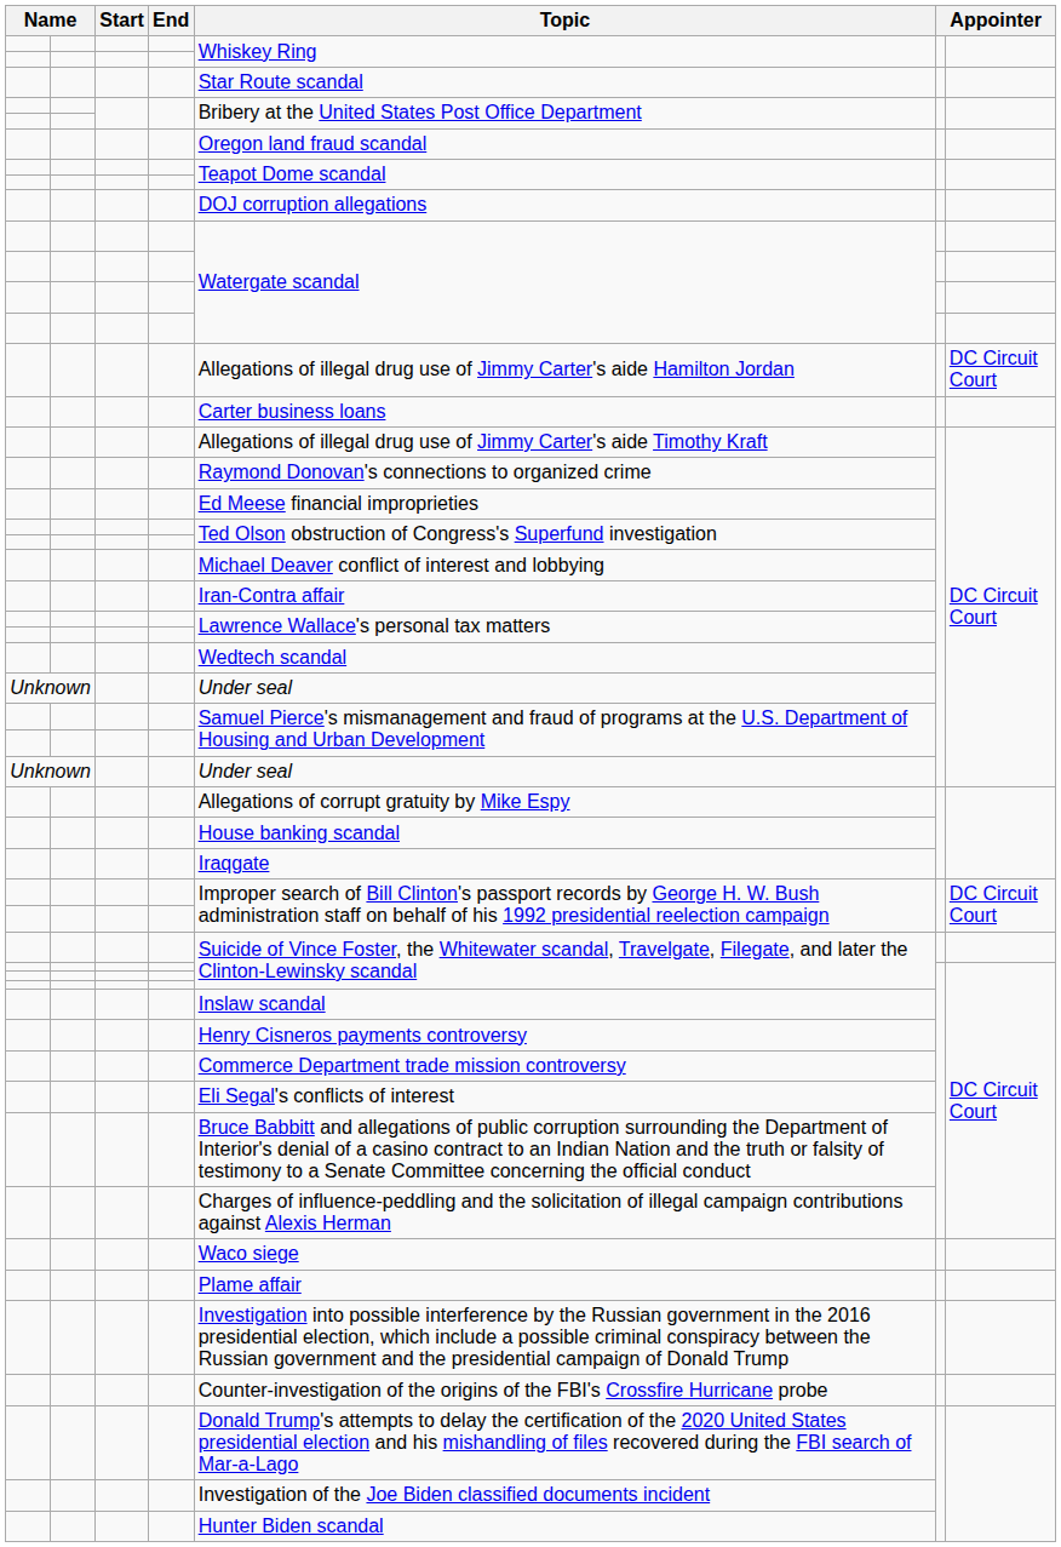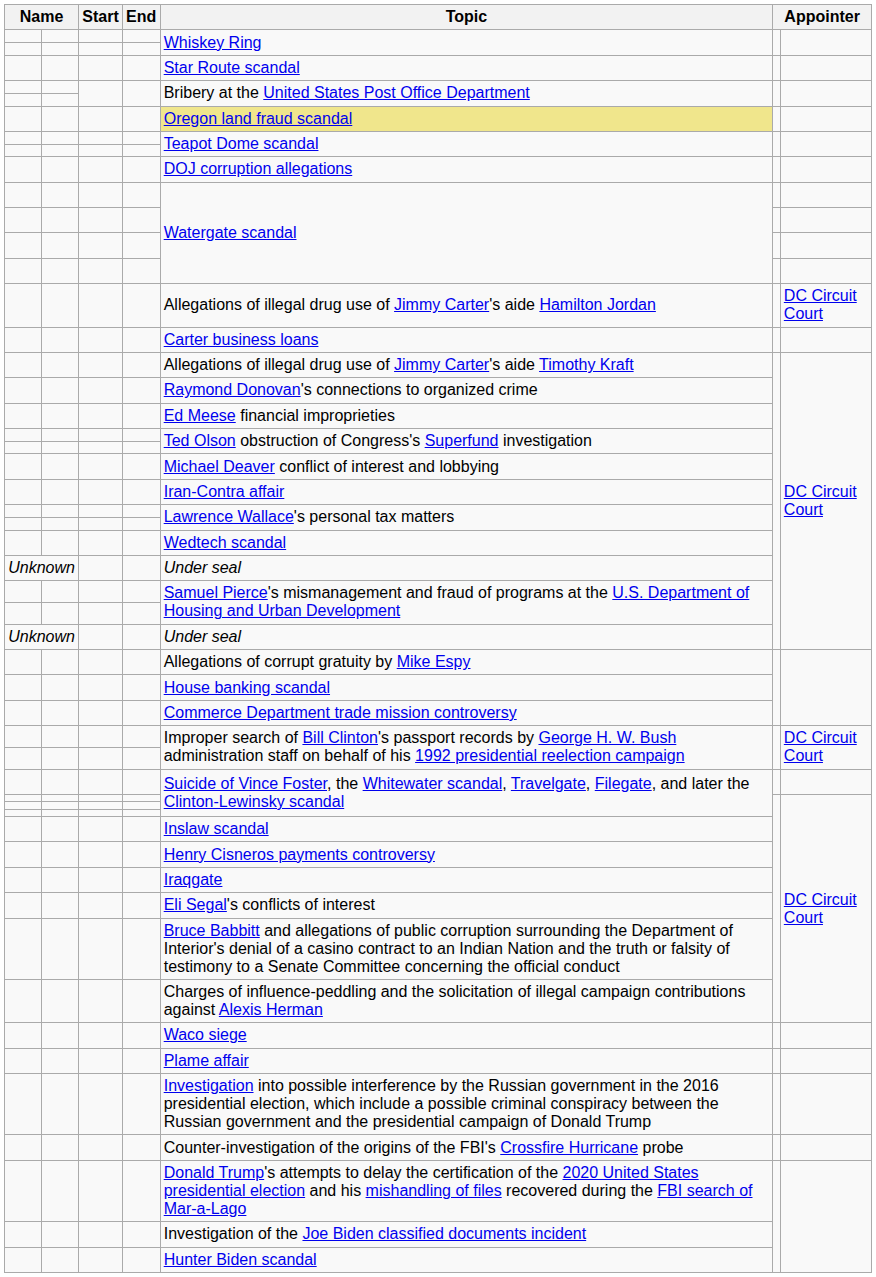 <table class="wikitable sortable">
 <tr>
 <th colspan=2>Name</th>
 <th>Start</th>
 <th>End</th>
 <th>Topic</th>
 <th colspan=2>Appointer</th>
 </tr>
 <tr>
 <td style="background: "></td>
 <td></td>
 <td></td>
 <td></td>
 <td rowspan=2><a href='#'>Whiskey Ring</a></td>
 <td rowspan=2 style="background: "></td>
 <td rowspan=2><br></td>
 </tr>
 <tr>
 <td style="background: "></td>
 <td></td>
 <td></td>
 <td></td>
 </tr>
 <tr>
 <td></td>
 <td></td>
 <td></td>
 <td></td>
 <td><a href='#'>Star Route scandal</a></td>
 <td style="background: "></td>
 <td><br></td>
 </tr>
 <tr>
 <td style="background: "></td>
 <td></td>
 <td rowspan=2></td>
 <td rowspan=2></td>
 <td rowspan=2>Bribery at the <a href='#'>United States Post Office Department</a></td>
 <td rowspan=2 style="background: "></td>
 <td rowspan=2><br></td>
 </tr>
 <tr>
 <td style="background: "></td>
 <td></td>
 </tr>
 <tr>
 <td style="background: "></td>
 <td></td>
 <td></td>
 <td></td>
-<td><a href='#'>Oregon land fraud scandal</a></td>
+<td style="background: khaki;"><a href='#'>Oregon land fraud scandal</a></td>
 <td style="background: "></td>
 <td><br></td>
 </tr>
 <tr>
 <td style="background: "></td>
 <td></td>
 <td></td>
 <td></td>
 <td rowspan=2><a href='#'>Teapot Dome scandal</a></td>
 <td rowspan=2 style="background: "></td>
 <td rowspan=2><br></td>
 </tr>
 <tr>
 <td style="background: "></td>
 <td></td>
 <td></td>
 <td></td>
 </tr>
 <tr>
 <td style="background: "></td>
 <td></td>
 <td></td>
 <td></td>
 <td><a href='#'>DOJ corruption allegations</a></td>
 <td style="background: "></td>
 <td><br></td>
 </tr>
 <tr>
 <td style="background: "></td>
 <td></td>
 <td></td>
 <td></td>
 <td rowspan=4><a href='#'>Watergate scandal</a></td>
 <td style="background: "></td>
 <td><br></td>
 </tr>
 <tr>
 <td style="background: "></td>
 <td></td>
 <td></td>
 <td></td>
 <td style="background: "></td>
 <td><br></td>
 </tr>
 <tr>
 <td style="background: "></td>
 <td></td>
 <td></td>
 <td></td>
 <td style="background: "></td>
 <td><br></td>
 </tr>
 <tr>
 <td style="background: "></td>
 <td></td>
 <td></td>
 <td></td>
 <td style="background: "></td>
 <td><br></td>
 </tr>
 <tr>
 <td style="background: "></td>
 <td></td>
 <td></td>
 <td></td>
 <td>Allegations of illegal drug use of <a href='#'>Jimmy Carter</a>'s aide <a href='#'>Hamilton Jordan</a></td>
 <td style="background: "></td>
 <td><a href='#'>DC Circuit Court</a></td>
 </tr>
 <tr>
 <td style="background: "></td>
 <td></td>
 <td></td>
 <td></td>
 <td><a href='#'>Carter business loans</a></td>
 <td style="background: "></td>
 <td><br></td>
 </tr>
 <tr>
 <td style="background: "></td>
 <td></td>
 <td></td>
 <td></td>
 <td>Allegations of illegal drug use of <a href='#'>Jimmy Carter</a>'s aide <a href='#'>Timothy Kraft</a></td>
 <td rowspan=14 style="background: "></td>
 <td rowspan=14><a href='#'>DC Circuit Court</a></td>
 </tr>
 <tr>
 <td></td>
 <td></td>
 <td></td>
 <td></td>
 <td><a href='#'>Raymond Donovan</a>'s connections to organized crime</td>
 </tr>
 <tr>
 <td></td>
 <td></td>
 <td></td>
 <td></td>
 <td><a href='#'>Ed Meese</a> financial improprieties</td>
 </tr>
 <tr>
 <td style="background: "></td>
 <td></td>
 <td></td>
 <td></td>
 <td rowspan=2><a href='#'>Ted Olson</a> obstruction of Congress's <a href='#'>Superfund</a> investigation</td>
 </tr>
 <tr>
 <td></td>
 <td></td>
 <td></td>
 <td></td>
 </tr>
 <tr>
 <td style="background: "></td>
 <td></td>
 <td></td>
 <td></td>
 <td><a href='#'>Michael Deaver</a> conflict of interest and lobbying</td>
 </tr>
 <tr>
 <td style="background: "></td>
 <td></td>
 <td></td>
 <td></td>
 <td><a href='#'>Iran-Contra affair</a></td>
 </tr>
 <tr>
 <td style="background: "></td>
 <td></td>
 <td></td>
 <td></td>
 <td rowspan=2><a href='#'>Lawrence Wallace</a>'s personal tax matters</td>
 </tr>
 <tr>
 <td></td>
 <td></td>
 <td></td>
 <td></td>
 </tr>
 <tr>
 <td style="background: "></td>
 <td></td>
 <td></td>
 <td></td>
 <td><a href='#'>Wedtech scandal</a></td>
 </tr>
 <tr>
 <td colspan=2><em>Unknown</em></td>
 <td></td>
 <td></td>
 <td><em>Under seal</em></td>
 </tr>
 <tr>
 <td style="background: "></td>
 <td></td>
 <td></td>
 <td></td>
 <td rowspan=2><a href='#'>Samuel Pierce</a>'s mismanagement and fraud of programs at the <a href='#'>U.S. Department of Housing and Urban Development</a></td>
 </tr>
 <tr>
 <td style="background: "></td>
 <td></td>
 <td></td>
 <td></td>
 </tr>
 <tr>
 <td colspan=2><em>Unknown</em></td>
 <td></td>
 <td></td>
 <td><em>Under seal</em></td>
 </tr>
 <tr>
 <td style="background: "></td>
 <td></td>
 <td></td>
 <td></td>
 <td>Allegations of corrupt gratuity by <a href='#'>Mike Espy</a></td>
 <td rowspan=3 style="background: "></td>
 <td rowspan=3><br></td>
 </tr>
 <tr>
 <td style="background: "></td>
 <td></td>
 <td></td>
 <td></td>
 <td><a href='#'>House banking scandal</a></td>
 </tr>
 <tr>
 <td style="background: "></td>
 <td></td>
 <td></td>
 <td></td>
-<td><a href='#'>Iraqgate</a></td>
+<td><a href='#'>Commerce Department trade mission controversy</a></td>
 </tr>
 <tr>
 <td style="background: "></td>
 <td></td>
 <td></td>
 <td></td>
 <td rowspan=2>Improper search of <a href='#'>Bill Clinton</a>'s passport records by <a href='#'>George H. W. Bush</a> administration staff on behalf of his <a href='#'>1992 presidential reelection campaign</a></td>
 <td rowspan=2 style="background: "></td>
 <td rowspan=2><a href='#'>DC Circuit Court</a></td>
 </tr>
 <tr>
 <td style="background: "></td>
 <td></td>
 <td></td>
 <td></td>
 </tr>
 <tr>
 <td style="background: "></td>
 <td></td>
 <td></td>
 <td></td>
 <td rowspan=4><a href='#'>Suicide of Vince Foster</a>, the <a href='#'>Whitewater scandal</a>, <a href='#'>Travelgate</a>, <a href='#'>Filegate</a>, and later the <a href='#'>Clinton-Lewinsky scandal</a></td>
 <td style="background: "></td>
 <td><br></td>
 </tr>
 <tr>
 <td style="background: "></td>
 <td></td>
 <td></td>
 <td></td>
 <td rowspan=9 style="background: "></td>
 <td rowspan=9><a href='#'>DC Circuit Court</a></td>
 </tr>
 <tr>
 <td style="background: "></td>
 <td></td>
 <td></td>
 <td></td>
 </tr>
 <tr>
 <td></td>
 <td></td>
 <td></td>
 <td></td>
 </tr>
 <tr>
 <td style="background: "></td>
 <td></td>
 <td></td>
 <td></td>
 <td><a href='#'>Inslaw scandal</a></td>
 </tr>
 <tr>
 <td style="background: "></td>
 <td></td>
 <td></td>
 <td></td>
 <td><a href='#'>Henry Cisneros payments controversy</a></td>
 </tr>
 <tr>
 <td style="background: "></td>
 <td></td>
 <td></td>
 <td></td>
-<td><a href='#'>Commerce Department trade mission controversy</a></td>
+<td><a href='#'>Iraqgate</a></td>
 </tr>
 <tr>
 <td style="background: "></td>
 <td></td>
 <td></td>
 <td></td>
 <td><a href='#'>Eli Segal</a>'s conflicts of interest</td>
 </tr>
 <tr>
 <td style="background: "></td>
 <td></td>
 <td></td>
 <td></td>
 <td><a href='#'>Bruce Babbitt</a> and allegations of public corruption surrounding the Department of Interior's denial of a casino contract to an Indian Nation and the truth or falsity of testimony to a Senate Committee concerning the official conduct</td>
 </tr>
 <tr>
 <td style="background: "></td>
 <td></td>
 <td></td>
 <td></td>
 <td>Charges of influence-peddling and the solicitation of illegal campaign contributions against <a href='#'>Alexis Herman</a></td>
 </tr>
 <tr>
 <td style="background: "></td>
 <td></td>
 <td></td>
 <td></td>
 <td><a href='#'>Waco siege</a></td>
 <td style="background: "></td>
 <td><br></td>
 </tr>
 <tr>
 <td style="background: "></td>
 <td></td>
 <td></td>
 <td></td>
 <td><a href='#'>Plame affair</a></td>
 <td style="background: "></td>
 <td><br></td>
 </tr>
 <tr>
 <td style="background: "></td>
 <td></td>
 <td></td>
 <td></td>
 <td><a href='#'>Investigation</a> into possible interference by the Russian government in the 2016 presidential election, which include a possible criminal conspiracy between the Russian government and the presidential campaign of Donald Trump</td>
 <td style="background: "></td>
 <td><br></td>
 </tr>
 <tr>
 <td style="background: "></td>
 <td></td>
 <td></td>
 <td></td>
 <td>Counter-investigation of the origins of the FBI's <a href='#'>Crossfire Hurricane</a> probe</td>
 <td style="background: "></td>
 <td><br></td>
 </tr>
 <tr>
 <td style="background: "></td>
 <td></td>
 <td></td>
 <td></td>
 <td><a href='#'>Donald Trump</a>'s attempts to delay the certification of the <a href='#'>2020 United States presidential election</a> and his <a href='#'>mishandling of files</a> recovered during the <a href='#'>FBI search of Mar-a-Lago</a></td>
 <td rowspan=3 style="background: "></td>
 <td rowspan=3><br></td>
 </tr>
 <tr>
 <td style="background: "></td>
 <td></td>
 <td></td>
 <td></td>
 <td>Investigation of the <a href='#'>Joe Biden classified documents incident</a></td>
 </tr>
 <tr>
 <td style="background: "></td>
 <td></td>
 <td></td>
 <td></td>
 <td><a href='#'>Hunter Biden scandal</a></td>
 </tr>
 </table>
